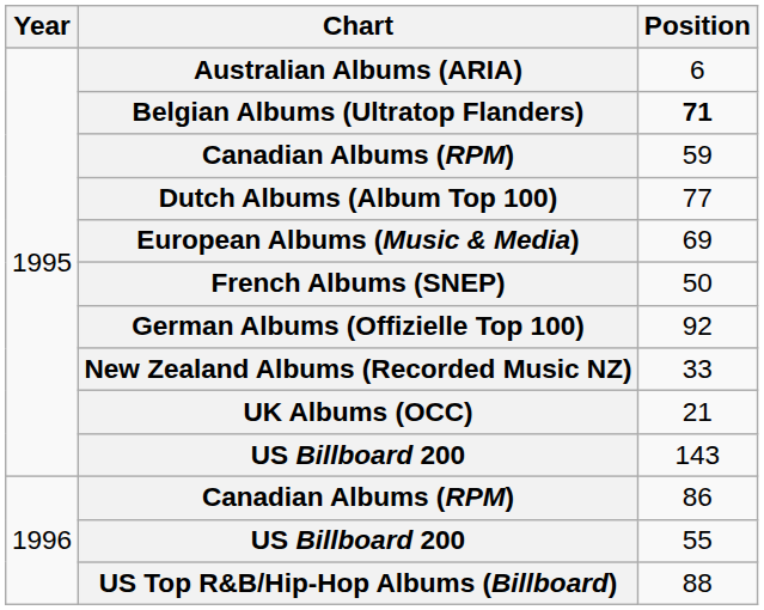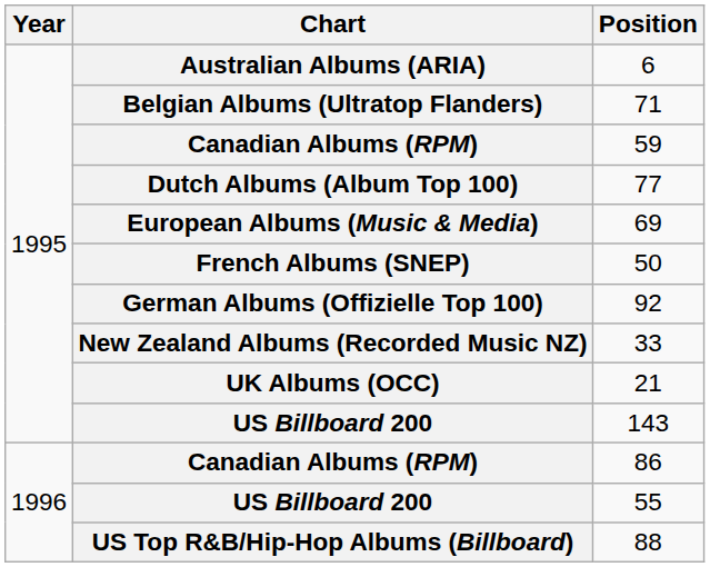 <table class="wikitable sortable plainrowheaders" style="text-align:center;">
 <tr>
 <th scope="col" class="unsortable">Year</th>
 <th scope="col">Chart</th>
 <th scope="col">Position</th>
 </tr>
 <tr>
 <td rowspan="10">1995</td>
 <th scope="row">Australian Albums (ARIA)</th>
 <td>6</td>
 </tr>
 <tr>
 <th scope="row">Belgian Albums (Ultratop Flanders)</th>
-<td><strong>71</strong></td>
+<td>71</td>
 </tr>
 <tr>
 <th scope="row">Canadian Albums (<em>RPM</em>)</th>
 <td>59</td>
 </tr>
 <tr>
 <th scope="row">Dutch Albums (Album Top 100)</th>
 <td>77</td>
 </tr>
 <tr>
 <th scope="row">European Albums (<em>Music & Media</em>)</th>
 <td>69</td>
 </tr>
 <tr>
 <th scope="row">French Albums (SNEP)</th>
 <td>50</td>
 </tr>
 <tr>
 <th scope="row">German Albums (Offizielle Top 100)</th>
 <td>92</td>
 </tr>
 <tr>
 <th scope="row">New Zealand Albums (Recorded Music NZ)</th>
 <td>33</td>
 </tr>
 <tr>
 <th scope="row">UK Albums (OCC)</th>
 <td>21</td>
 </tr>
 <tr>
 <th scope="row">US <em>Billboard</em> 200</th>
 <td>143</td>
 </tr>
 <tr>
 <td rowspan="3">1996</td>
 <th scope="row">Canadian Albums (<em>RPM</em>)</th>
 <td>86</td>
 </tr>
 <tr>
 <th scope="row">US <em>Billboard</em> 200</th>
 <td>55</td>
 </tr>
 <tr>
 <th scope="row">US Top R&B/Hip-Hop Albums (<em>Billboard</em>)</th>
 <td>88</td>
 </tr>
 </table>
